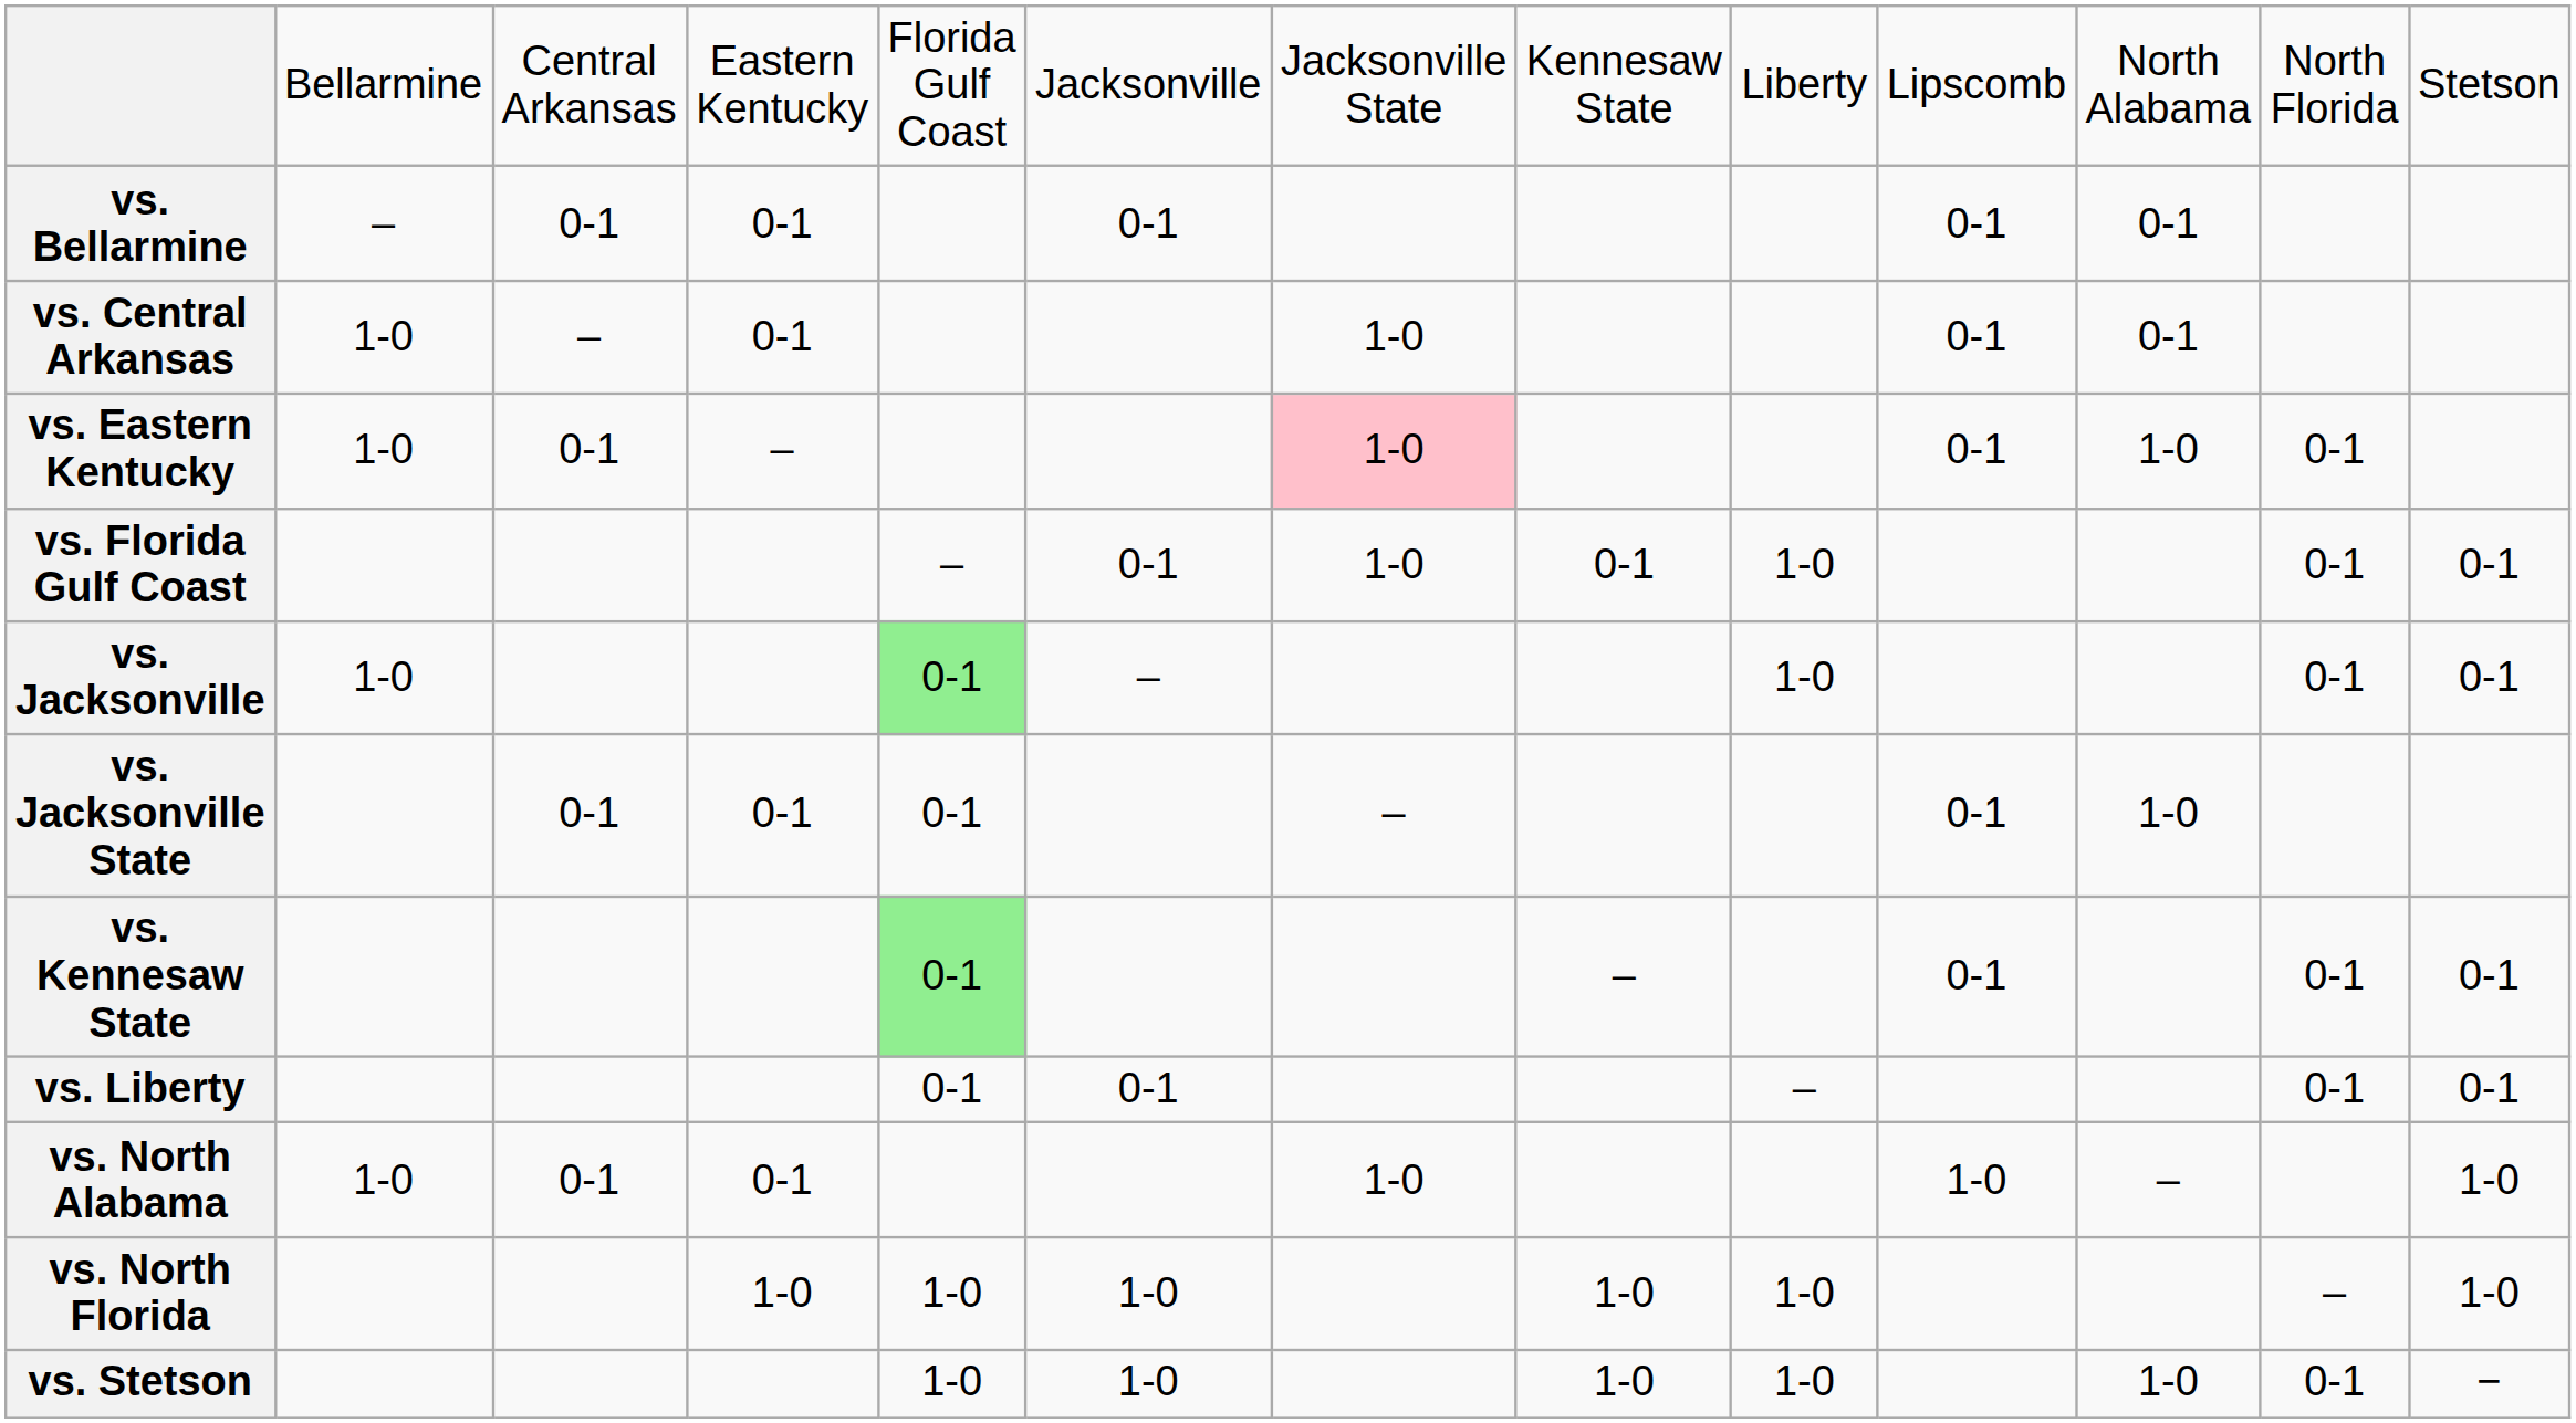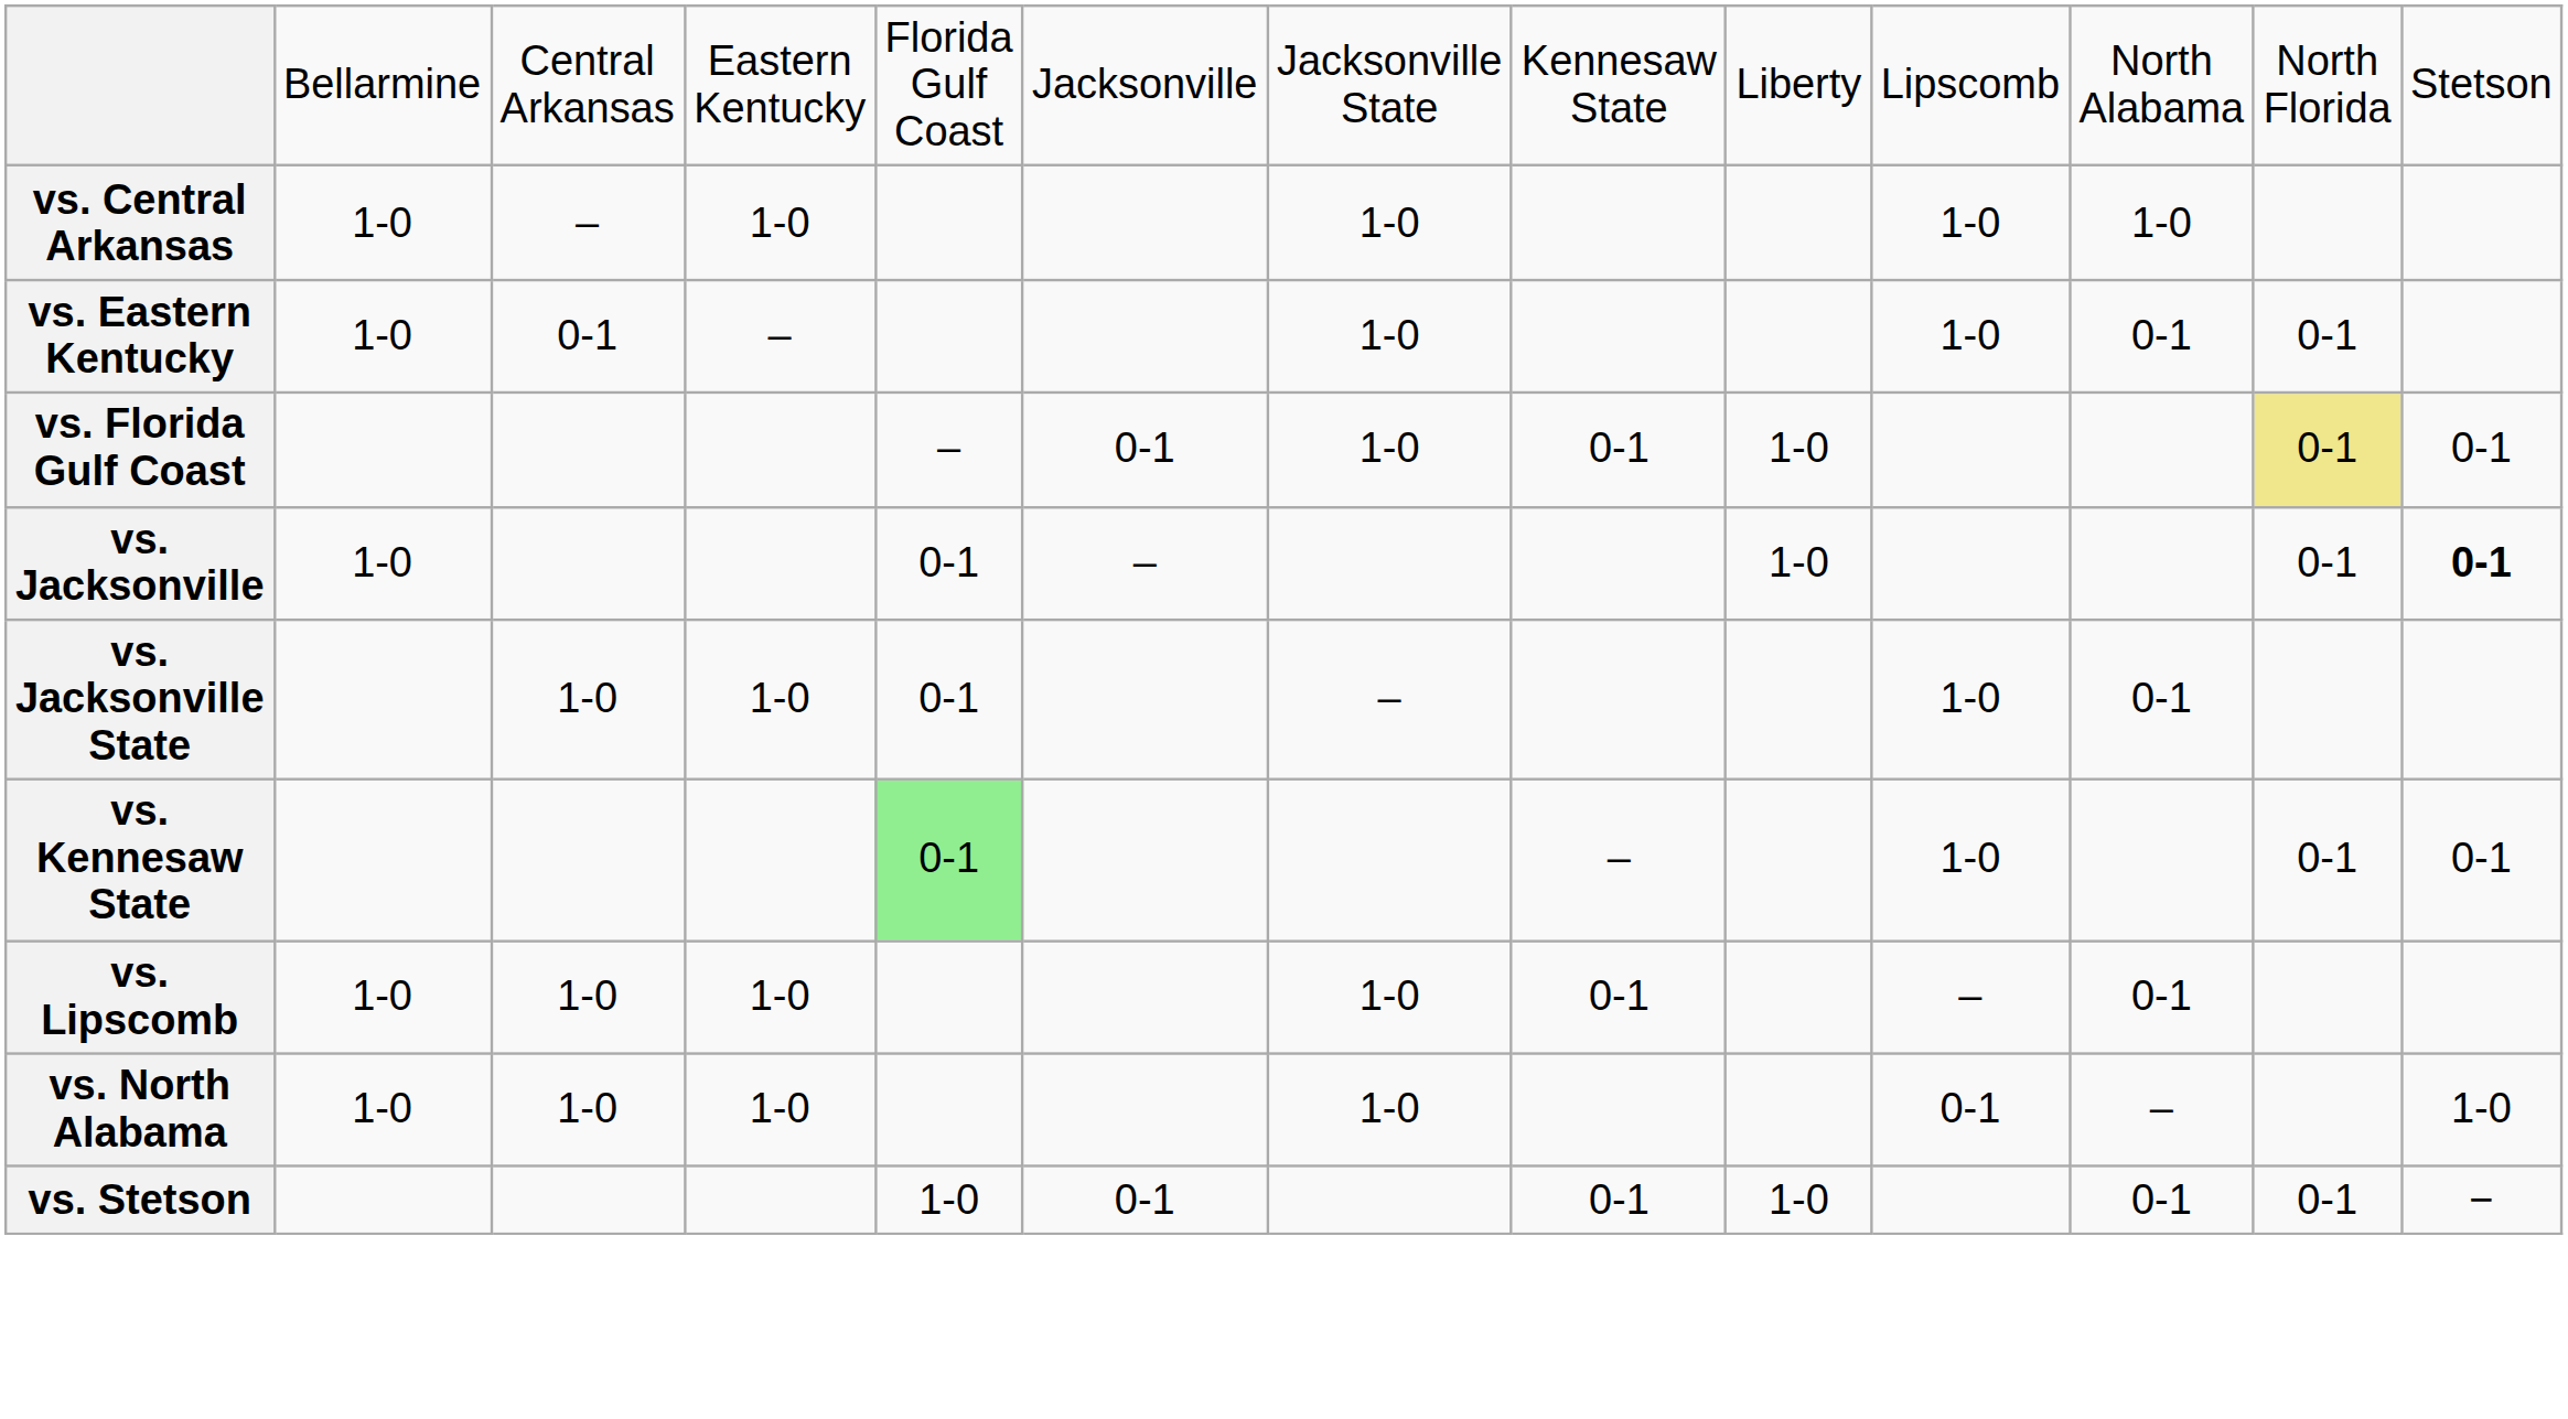 <table class="wikitable" style="text-align:center">
 <tr>
 <th colspan="1"></th>
 <td>Bellarmine</td>
 <td>Central Arkansas</td>
 <td>Eastern Kentucky</td>
 <td>Florida Gulf Coast</td>
 <td>Jacksonville</td>
 <td>Jacksonville State</td>
 <td>Kennesaw State</td>
 <td>Liberty</td>
 <td>Lipscomb</td>
 <td>North Alabama</td>
 <td>North Florida</td>
 <td>Stetson</td>
 </tr>
 <tr>
-<th>vs. Bellarmine</th>
-<td>–</td>
-<td>0-1</td>
-<td>0-1</td>
-<td></td>
-<td>0-1</td>
-<td></td>
-<td></td>
-<td></td>
-<td>0-1</td>
-<td>0-1</td>
-<td></td>
-<td></td>
-</tr>
-<tr>
 <th>vs. Central Arkansas</th>
 <td>1-0</td>
 <td>–</td>
-<td>0-1</td>
+<td>1-0</td>
 <td></td>
 <td></td>
 <td>1-0</td>
 <td></td>
 <td></td>
-<td>0-1</td>
-<td>0-1</td>
+<td>1-0</td>
+<td>1-0</td>
 <td></td>
 <td></td>
 </tr>
 <tr>
 <th>vs. Eastern Kentucky</th>
 <td>1-0</td>
 <td>0-1</td>
 <td>–</td>
 <td></td>
 <td></td>
-<td style="background: pink;">1-0</td>
+<td>1-0</td>
 <td></td>
 <td></td>
+<td>1-0</td>
 <td>0-1</td>
-<td>1-0</td>
 <td>0-1</td>
 <td></td>
 </tr>
 <tr>
 <th>vs. Florida Gulf Coast</th>
 <td></td>
 <td></td>
 <td></td>
 <td>–</td>
 <td>0-1</td>
 <td>1-0</td>
 <td>0-1</td>
 <td>1-0</td>
 <td></td>
 <td></td>
-<td>0-1</td>
+<td style="background: khaki;">0-1</td>
 <td>0-1</td>
 </tr>
 <tr>
 <th>vs. Jacksonville</th>
 <td>1-0</td>
 <td></td>
 <td></td>
-<td style="background: lightgreen;">0-1</td>
+<td>0-1</td>
 <td>–</td>
 <td></td>
 <td></td>
 <td>1-0</td>
 <td></td>
 <td></td>
 <td>0-1</td>
-<td>0-1</td>
+<td><strong>0-1</strong></td>
 </tr>
 <tr>
 <th>vs. Jacksonville State</th>
 <td></td>
-<td>0-1</td>
-<td>0-1</td>
+<td>1-0</td>
+<td>1-0</td>
 <td>0-1</td>
 <td></td>
 <td>–</td>
 <td></td>
 <td></td>
+<td>1-0</td>
 <td>0-1</td>
-<td>1-0</td>
 <td></td>
 <td></td>
 </tr>
 <tr>
 <th>vs. Kennesaw State</th>
 <td></td>
 <td></td>
 <td></td>
 <td style="background: lightgreen;">0-1</td>
 <td></td>
 <td></td>
 <td>–</td>
 <td></td>
-<td>0-1</td>
+<td>1-0</td>
 <td></td>
 <td>0-1</td>
 <td>0-1</td>
 </tr>
 <tr>
-<th>vs. Liberty</th>
+<th>vs. Lipscomb</th>
+<td>1-0</td>
+<td>1-0</td>
+<td>1-0</td>
 <td></td>
 <td></td>
+<td>1-0</td>
+<td>0-1</td>
 <td></td>
-<td>0-1</td>
+<td>–</td>
 <td>0-1</td>
 <td></td>
 <td></td>
-<td>–</td>
-<td></td>
-<td></td>
-<td>0-1</td>
-<td>0-1</td>
 </tr>
 <tr>
 <th>vs. North Alabama</th>
 <td>1-0</td>
-<td>0-1</td>
-<td>0-1</td>
+<td>1-0</td>
+<td>1-0</td>
 <td></td>
 <td></td>
 <td>1-0</td>
 <td></td>
 <td></td>
-<td>1-0</td>
+<td>0-1</td>
 <td>–</td>
 <td></td>
-<td>1-0</td>
-</tr>
-<tr>
-<th>vs. North Florida</th>
-<td></td>
-<td></td>
-<td>1-0</td>
-<td>1-0</td>
-<td>1-0</td>
-<td></td>
-<td>1-0</td>
-<td>1-0</td>
-<td></td>
-<td></td>
-<td>–</td>
 <td>1-0</td>
 </tr>
 <tr>
 <th>vs. Stetson</th>
 <td></td>
 <td></td>
 <td></td>
 <td>1-0</td>
+<td>0-1</td>
+<td></td>
+<td>0-1</td>
 <td>1-0</td>
 <td></td>
-<td>1-0</td>
-<td>1-0</td>
-<td></td>
-<td>1-0</td>
+<td>0-1</td>
 <td>0-1</td>
 <td>−</td>
 </tr>
 </table>
